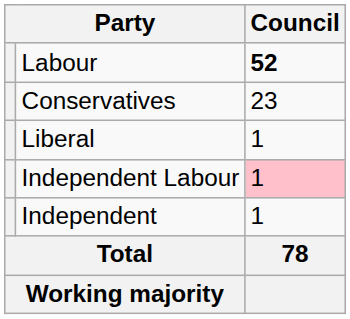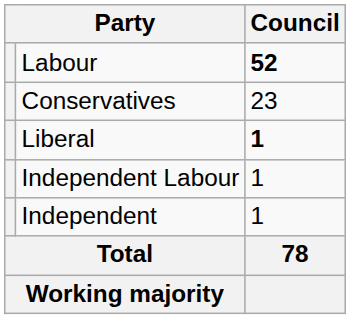 <table class="wikitable">
 <tr>
 <th colspan="2" valign="top">Party</th>
 <th valign="top">Council</th>
 </tr>
 <tr>
 <th style="background-color: "></th>
 <td>Labour</td>
 <td><strong>52</strong></td>
 </tr>
 <tr>
 <th style="background-color: "></th>
 <td>Conservatives</td>
 <td>23</td>
 </tr>
 <tr>
 <th style="background-color: "></th>
 <td>Liberal</td>
-<td>1</td>
+<td><strong>1</strong></td>
 </tr>
 <tr>
 <th style="background-color: "></th>
 <td>Independent Labour</td>
-<td style="background: pink;">1</td>
+<td>1</td>
 </tr>
 <tr>
 <th style="background-color: "></th>
 <td>Independent</td>
 <td>1</td>
 </tr>
 <tr>
 <th colspan="2">Total</th>
 <th>78</th>
 </tr>
 <tr>
 <th colspan="2">Working majority</th>
 <th></th>
 </tr>
 </table>
